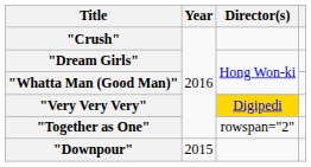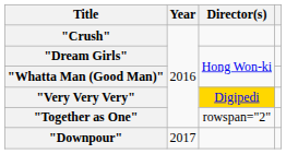 <table class="wikitable plainrowheaders" style="text-align:center">
 <tr>
 <th scope="col">Title</th>
 <th scope="col">Year</th>
 <th scope="col">Director(s)</th>
 <th scope="col"></th>
 </tr>
 <tr>
 <th scope="row">"Crush"</th>
 <td rowspan="5">2016</td>
 <td></td>
 <td></td>
 </tr>
 <tr>
 <th scope="row">"Dream Girls"</th>
 <td rowspan="2"><a href='#'>Hong Won-ki</a></td>
 <td></td>
 </tr>
 <tr>
 <th scope="row">"Whatta Man (Good Man)"</th>
 <td></td>
 </tr>
 <tr>
 <th scope="row">"Very Very Very"</th>
 <td style="background: gold;"><a href='#'>Digipedi</a></td>
 <td></td>
 </tr>
 <tr>
 <th scope="row">"Together as One"</th>
 <td>rowspan="2" </td>
 <td></td>
 </tr>
 <tr>
 <th scope="row">"Downpour"</th>
-<td>2015</td>
+<td>2017</td>
 <td></td>
 </tr>
 </table>
